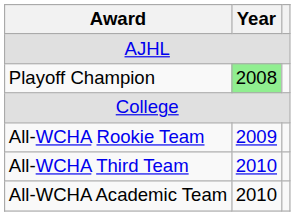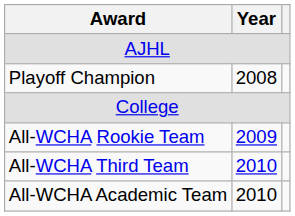 <table class="wikitable">
 <tr>
 <th>Award</th>
 <th>Year</th>
 <th></th>
 </tr>
 <tr ALIGN="center" bgcolor="#e0e0e0">
 <td colspan="3"><a href='#'>AJHL</a></td>
 </tr>
 <tr>
 <td>Playoff Champion</td>
-<td style="background: lightgreen;">2008</td>
+<td>2008</td>
 <td></td>
 </tr>
 <tr ALIGN="center" bgcolor="#e0e0e0">
 <td colspan="3"><a href='#'>College</a></td>
 </tr>
 <tr>
 <td>All-<a href='#'>WCHA</a> <a href='#'>Rookie Team</a></td>
 <td><a href='#'>2009</a></td>
 <td></td>
 </tr>
 <tr>
 <td>All-<a href='#'>WCHA</a> <a href='#'>Third Team</a></td>
 <td><a href='#'>2010</a></td>
 <td></td>
 </tr>
 <tr>
 <td>All-WCHA Academic Team</td>
 <td>2010</td>
 <td></td>
 </tr>
 </table>
